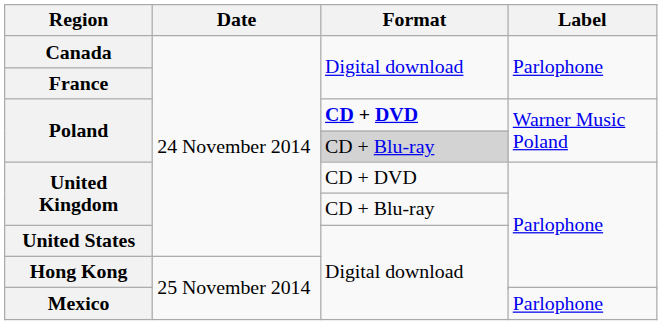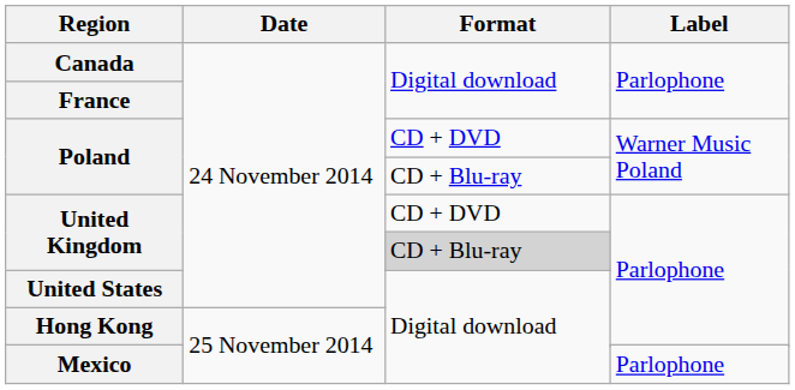 <table class="wikitable sortable plainrowheaders">
 <tr>
 <th scope="col" style="width:7em;">Region</th>
 <th scope="col" style="width:8em;">Date</th>
 <th scope="col" style="width:9em;">Format</th>
 <th scope="col" style="width:7em;">Label</th>
 </tr>
 <tr>
 <th scope="row">Canada</th>
 <td rowspan="8">24 November 2014</td>
 <td rowspan="2"><a href='#'>Digital download</a></td>
 <td rowspan="2"><a href='#'>Parlophone</a></td>
 </tr>
 <tr>
 <th scope="row">France</th>
 </tr>
 <tr>
 <th scope="row" rowspan="2">Poland</th>
-<td><strong><a href='#'>CD</a> + <a href='#'>DVD</a></strong></td>
+<td><a href='#'>CD</a> + <a href='#'>DVD</a></td>
 <td rowspan="2"><a href='#'>Warner Music Poland</a></td>
 </tr>
 <tr>
-<td style="background: lightgrey;">CD + <a href='#'>Blu-ray</a></td>
+<td>CD + <a href='#'>Blu-ray</a></td>
 </tr>
 <tr>
 <th scope="row" rowspan="3">United Kingdom</th>
 <td>CD + DVD</td>
 <td rowspan="6"><a href='#'>Parlophone</a></td>
 </tr>
 <tr>
-<td>CD + Blu-ray</td>
+<td style="background: lightgrey;">CD + Blu-ray</td>
 </tr>
 <tr>
 <td rowspan="5">Digital download</td>
 </tr>
 <tr>
 <th scope="row">United States</th>
 </tr>
 <tr>
 <th scope="row">Hong Kong</th>
 <td rowspan="3">25 November 2014</td>
 </tr>
 <tr>
 <th rowspan="2" scope="row">Mexico</th>
 </tr>
 <tr>
 <td><a href='#'>Parlophone</a></td>
 </tr>
 </table>
